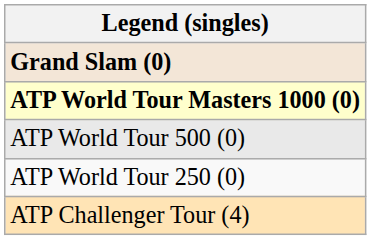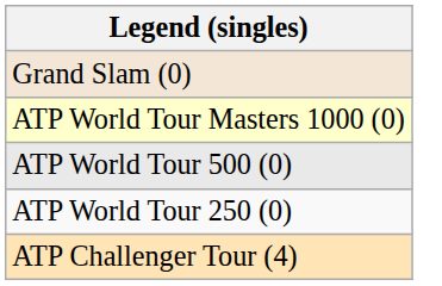 <table class="wikitable">
 <tr>
 <th>Legend (singles)</th>
 </tr>
 <tr bgcolor="#f3e6d7">
-<td><strong>Grand Slam (0)</strong></td>
+<td>Grand Slam (0)</td>
 </tr>
 <tr bgcolor="ffffcc">
-<td><strong>ATP World Tour Masters 1000 (0)</strong></td>
+<td>ATP World Tour Masters 1000 (0)</td>
 </tr>
 <tr bgcolor="#e9e9e9">
 <td>ATP World Tour 500 (0)</td>
 </tr>
 <tr>
 <td>ATP World Tour 250 (0)</td>
 </tr>
 <tr bgcolor="moccasin">
 <td>ATP Challenger Tour (4)</td>
 </tr>
 </table>
